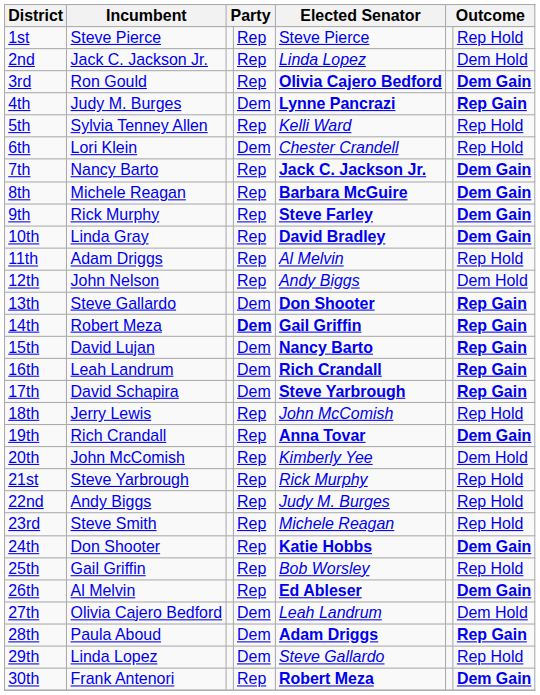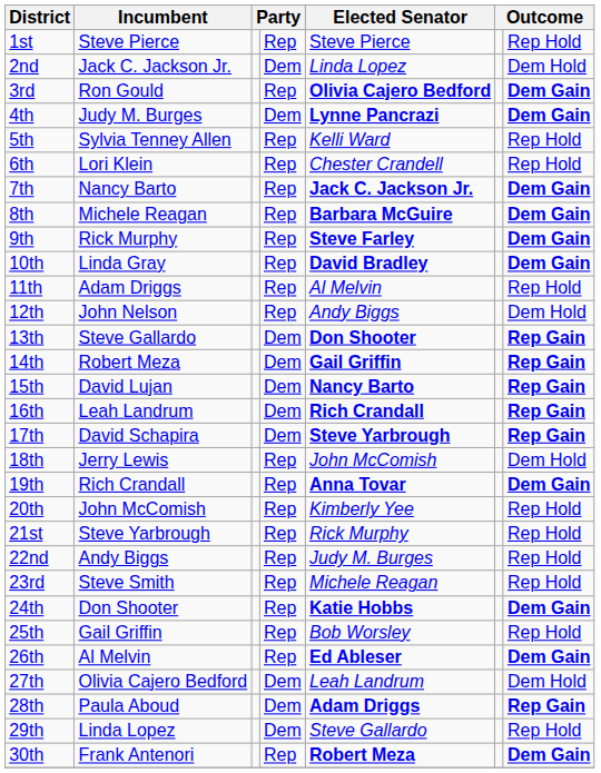 <table class="sortable wikitable" style="font-size:95%;line-height:14px;">
 <tr>
 <th>District</th>
 <th>Incumbent</th>
 <th colspan="2">Party</th>
 <th>Elected Senator</th>
 <th colspan="2">Outcome</th>
 </tr>
 <tr>
 <td><a href='#'>1st</a></td>
 <td><a href='#'>Steve Pierce</a></td>
 <td style="background:"></td>
 <td><a href='#'>Rep</a></td>
 <td><a href='#'>Steve Pierce</a></td>
 <td style="background:"></td>
 <td><a href='#'>Rep Hold</a></td>
 </tr>
 <tr>
 <td><a href='#'>2nd</a></td>
 <td><a href='#'>Jack C. Jackson Jr.</a></td>
 <td style="background:"></td>
-<td><a href='#'>Rep</a></td>
+<td><a href='#'>Dem</a></td>
 <td><em><a href='#'>Linda Lopez</a></em></td>
 <td style="background:"></td>
 <td><a href='#'>Dem Hold</a></td>
 </tr>
 <tr>
 <td><a href='#'>3rd</a></td>
 <td><a href='#'>Ron Gould</a></td>
 <td style="background:"></td>
 <td><a href='#'>Rep</a></td>
 <td><strong><a href='#'>Olivia Cajero Bedford</a></strong></td>
 <td style="background:"></td>
 <td><strong><a href='#'>Dem Gain</a></strong></td>
 </tr>
 <tr>
 <td><a href='#'>4th</a></td>
 <td><a href='#'>Judy M. Burges</a></td>
 <td style="background:"></td>
 <td><a href='#'>Dem</a></td>
 <td><strong><a href='#'>Lynne Pancrazi</a></strong></td>
 <td style="background:"></td>
-<td><strong><a href='#'>Rep Gain</a></strong></td>
+<td><strong><a href='#'>Dem Gain</a></strong></td>
 </tr>
 <tr>
 <td><a href='#'>5th</a></td>
 <td><a href='#'>Sylvia Tenney Allen</a></td>
 <td style="background:"></td>
 <td><a href='#'>Rep</a></td>
 <td><em><a href='#'>Kelli Ward</a></em></td>
 <td style="background:"></td>
 <td><a href='#'>Rep Hold</a></td>
 </tr>
 <tr>
 <td><a href='#'>6th</a></td>
 <td><a href='#'>Lori Klein</a></td>
 <td style="background:"></td>
-<td><a href='#'>Dem</a></td>
+<td><a href='#'>Rep</a></td>
 <td><em><a href='#'>Chester Crandell</a></em></td>
 <td style="background:"></td>
 <td><a href='#'>Rep Hold</a></td>
 </tr>
 <tr>
 <td><a href='#'>7th</a></td>
 <td><a href='#'>Nancy Barto</a></td>
 <td style="background:"></td>
 <td><a href='#'>Rep</a></td>
 <td><strong><a href='#'>Jack C. Jackson Jr.</a></strong></td>
 <td style="background:"></td>
 <td><strong><a href='#'>Dem Gain</a></strong></td>
 </tr>
 <tr>
 <td><a href='#'>8th</a></td>
 <td><a href='#'>Michele Reagan</a></td>
 <td style="background:"></td>
 <td><a href='#'>Rep</a></td>
 <td><strong><a href='#'>Barbara McGuire</a></strong></td>
 <td style="background:"></td>
 <td><strong><a href='#'>Dem Gain</a></strong></td>
 </tr>
 <tr>
 <td><a href='#'>9th</a></td>
 <td><a href='#'>Rick Murphy</a></td>
 <td style="background:"></td>
 <td><a href='#'>Rep</a></td>
 <td><strong><a href='#'>Steve Farley</a></strong></td>
 <td style="background:"></td>
 <td><strong><a href='#'>Dem Gain</a></strong></td>
 </tr>
 <tr>
 <td><a href='#'>10th</a></td>
 <td><a href='#'>Linda Gray</a></td>
 <td style="background:"></td>
 <td><a href='#'>Rep</a></td>
 <td><strong><a href='#'>David Bradley</a></strong></td>
 <td style="background:"></td>
 <td><strong><a href='#'>Dem Gain</a></strong></td>
 </tr>
 <tr>
 <td><a href='#'>11th</a></td>
 <td><a href='#'>Adam Driggs</a></td>
 <td style="background:"></td>
 <td><a href='#'>Rep</a></td>
 <td><em><a href='#'>Al Melvin</a></em></td>
 <td style="background:"></td>
 <td><a href='#'>Rep Hold</a></td>
 </tr>
 <tr>
 <td><a href='#'>12th</a></td>
 <td><a href='#'>John Nelson</a></td>
 <td style="background:"></td>
 <td><a href='#'>Rep</a></td>
 <td><em><a href='#'>Andy Biggs</a></em></td>
 <td style="background:"></td>
 <td><a href='#'>Dem Hold</a></td>
 </tr>
 <tr>
 <td><a href='#'>13th</a></td>
 <td><a href='#'>Steve Gallardo</a></td>
 <td style="background:"></td>
 <td><a href='#'>Dem</a></td>
 <td><strong><a href='#'>Don Shooter</a></strong></td>
 <td style="background:"></td>
 <td><strong><a href='#'>Rep Gain</a></strong></td>
 </tr>
 <tr>
 <td><a href='#'>14th</a></td>
 <td><a href='#'>Robert Meza</a></td>
 <td style="background:"></td>
-<td><strong><a href='#'>Dem</a></strong></td>
+<td><a href='#'>Dem</a></td>
 <td><strong><a href='#'>Gail Griffin</a></strong></td>
 <td style="background:"></td>
 <td><strong><a href='#'>Rep Gain</a></strong></td>
 </tr>
 <tr>
 <td><a href='#'>15th</a></td>
 <td><a href='#'>David Lujan</a></td>
 <td style="background:"></td>
 <td><a href='#'>Dem</a></td>
 <td><strong><a href='#'>Nancy Barto</a></strong></td>
 <td style="background:"></td>
 <td><strong><a href='#'>Rep Gain</a></strong></td>
 </tr>
 <tr>
 <td><a href='#'>16th</a></td>
 <td><a href='#'>Leah Landrum</a></td>
 <td style="background:"></td>
 <td><a href='#'>Dem</a></td>
 <td><strong><a href='#'>Rich Crandall</a></strong></td>
 <td style="background:"></td>
 <td><strong><a href='#'>Rep Gain</a></strong></td>
 </tr>
 <tr>
 <td><a href='#'>17th</a></td>
 <td><a href='#'>David Schapira</a></td>
 <td style="background:"></td>
 <td><a href='#'>Dem</a></td>
 <td><strong><a href='#'>Steve Yarbrough</a></strong></td>
 <td style="background:"></td>
 <td><strong><a href='#'>Rep Gain</a></strong></td>
 </tr>
 <tr>
 <td><a href='#'>18th</a></td>
 <td><a href='#'>Jerry Lewis</a></td>
 <td style="background:"></td>
 <td><a href='#'>Rep</a></td>
 <td><em><a href='#'>John McComish</a></em></td>
 <td style="background:"></td>
-<td><a href='#'>Rep Hold</a></td>
+<td><a href='#'>Dem Hold</a></td>
 </tr>
 <tr>
 <td><a href='#'>19th</a></td>
 <td><a href='#'>Rich Crandall</a></td>
 <td style="background:"></td>
 <td><a href='#'>Rep</a></td>
 <td><strong><a href='#'>Anna Tovar</a></strong></td>
 <td style="background:"></td>
 <td><strong><a href='#'>Dem Gain</a></strong></td>
 </tr>
 <tr>
 <td><a href='#'>20th</a></td>
 <td><a href='#'>John McComish</a></td>
 <td style="background:"></td>
 <td><a href='#'>Rep</a></td>
 <td><em><a href='#'>Kimberly Yee</a></em></td>
 <td style="background:"></td>
-<td><a href='#'>Dem Hold</a></td>
+<td><a href='#'>Rep Hold</a></td>
 </tr>
 <tr>
 <td><a href='#'>21st</a></td>
 <td><a href='#'>Steve Yarbrough</a></td>
 <td style="background:"></td>
 <td><a href='#'>Rep</a></td>
 <td><em><a href='#'>Rick Murphy</a></em></td>
 <td style="background:"></td>
 <td><a href='#'>Rep Hold</a></td>
 </tr>
 <tr>
 <td><a href='#'>22nd</a></td>
 <td><a href='#'>Andy Biggs</a></td>
 <td style="background:"></td>
 <td><a href='#'>Rep</a></td>
 <td><em><a href='#'>Judy M. Burges</a></em></td>
 <td style="background:"></td>
 <td><a href='#'>Rep Hold</a></td>
 </tr>
 <tr>
 <td><a href='#'>23rd</a></td>
 <td><a href='#'>Steve Smith</a></td>
 <td style="background:"></td>
 <td><a href='#'>Rep</a></td>
 <td><em><a href='#'>Michele Reagan</a></em></td>
 <td style="background:"></td>
 <td><a href='#'>Rep Hold</a></td>
 </tr>
 <tr>
 <td><a href='#'>24th</a></td>
 <td><a href='#'>Don Shooter</a></td>
 <td style="background:"></td>
 <td><a href='#'>Rep</a></td>
 <td><strong><a href='#'>Katie Hobbs</a></strong></td>
 <td style="background:"></td>
 <td><strong><a href='#'>Dem Gain</a></strong></td>
 </tr>
 <tr>
 <td><a href='#'>25th</a></td>
 <td><a href='#'>Gail Griffin</a></td>
 <td style="background:"></td>
 <td><a href='#'>Rep</a></td>
 <td><em><a href='#'>Bob Worsley</a></em></td>
 <td style="background:"></td>
 <td><a href='#'>Rep Hold</a></td>
 </tr>
 <tr>
 <td><a href='#'>26th</a></td>
 <td><a href='#'>Al Melvin</a></td>
 <td style="background:"></td>
 <td><a href='#'>Rep</a></td>
 <td><strong><a href='#'>Ed Ableser</a></strong></td>
 <td style="background:"></td>
 <td><strong><a href='#'>Dem Gain</a></strong></td>
 </tr>
 <tr>
 <td><a href='#'>27th</a></td>
 <td><a href='#'>Olivia Cajero Bedford</a></td>
 <td style="background:"></td>
 <td><a href='#'>Dem</a></td>
 <td><em><a href='#'>Leah Landrum</a></em></td>
 <td style="background:"></td>
 <td><a href='#'>Dem Hold</a></td>
 </tr>
 <tr>
 <td><a href='#'>28th</a></td>
 <td><a href='#'>Paula Aboud</a></td>
 <td style="background:"></td>
 <td><a href='#'>Dem</a></td>
 <td><strong><a href='#'>Adam Driggs</a></strong></td>
 <td style="background:"></td>
 <td><strong><a href='#'>Rep Gain</a></strong></td>
 </tr>
 <tr>
 <td><a href='#'>29th</a></td>
 <td><a href='#'>Linda Lopez</a></td>
 <td style="background:"></td>
 <td><a href='#'>Dem</a></td>
 <td><em><a href='#'>Steve Gallardo</a></em></td>
 <td style="background:"></td>
 <td><a href='#'>Rep Hold</a></td>
 </tr>
 <tr>
 <td><a href='#'>30th</a></td>
 <td><a href='#'>Frank Antenori</a></td>
 <td style="background:"></td>
 <td><a href='#'>Rep</a></td>
 <td><strong><a href='#'>Robert Meza</a></strong></td>
 <td style="background:"></td>
 <td><strong><a href='#'>Dem Gain</a></strong></td>
 </tr>
 <tr>
 </tr>
 </table>
